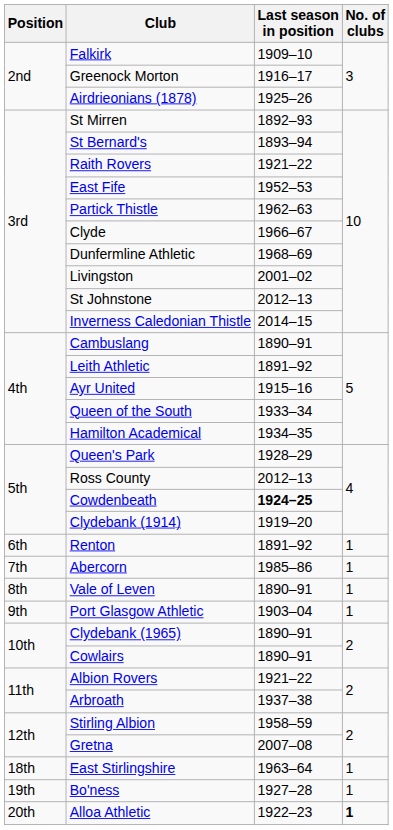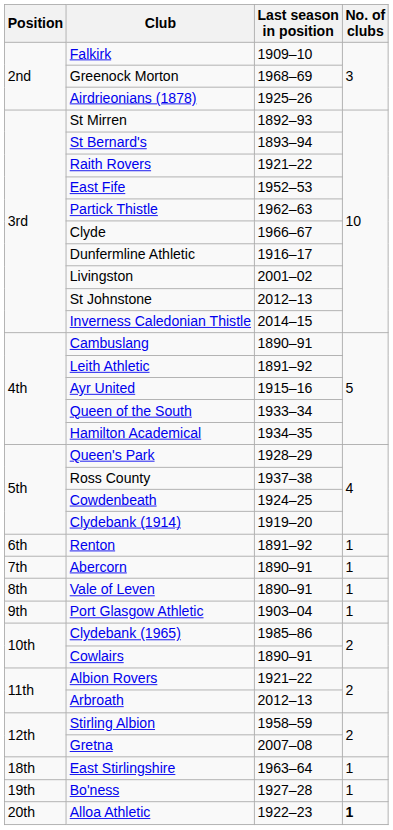 <table class="wikitable">
 <tr>
 <th>Position</th>
 <th>Club</th>
 <th>Last season<br>in position</th>
 <th>No. of<br>clubs</th>
 </tr>
 <tr>
 <td rowspan="3">2nd</td>
 <td><a href='#'>Falkirk</a></td>
 <td>1909–10</td>
 <td rowspan="3">3</td>
 </tr>
 <tr>
 <td>Greenock Morton</td>
-<td>1916–17</td>
+<td>1968–69</td>
 </tr>
 <tr>
 <td><a href='#'>Airdrieonians (1878)</a></td>
 <td>1925–26</td>
 </tr>
 <tr>
 <td rowspan="10">3rd</td>
 <td>St Mirren</td>
 <td>1892–93</td>
 <td rowspan="10">10</td>
 </tr>
 <tr>
 <td><a href='#'>St Bernard's</a></td>
 <td>1893–94</td>
 </tr>
 <tr>
 <td><a href='#'>Raith Rovers</a></td>
 <td>1921–22</td>
 </tr>
 <tr>
 <td><a href='#'>East Fife</a></td>
 <td>1952–53</td>
 </tr>
 <tr>
 <td><a href='#'>Partick Thistle</a></td>
 <td>1962–63</td>
 </tr>
 <tr>
 <td>Clyde</td>
 <td>1966–67</td>
 </tr>
 <tr>
 <td>Dunfermline Athletic</td>
-<td>1968–69</td>
+<td>1916–17</td>
 </tr>
 <tr>
 <td>Livingston</td>
 <td>2001–02</td>
 </tr>
 <tr>
 <td>St Johnstone</td>
 <td>2012–13</td>
 </tr>
 <tr>
 <td><a href='#'>Inverness Caledonian Thistle</a></td>
 <td>2014–15</td>
 </tr>
 <tr>
 <td rowspan="5">4th</td>
 <td><a href='#'>Cambuslang</a></td>
 <td>1890–91</td>
 <td rowspan="5">5</td>
 </tr>
 <tr>
 <td><a href='#'>Leith Athletic</a></td>
 <td>1891–92</td>
 </tr>
 <tr>
 <td><a href='#'>Ayr United</a></td>
 <td>1915–16</td>
 </tr>
 <tr>
 <td><a href='#'>Queen of the South</a></td>
 <td>1933–34</td>
 </tr>
 <tr>
 <td><a href='#'>Hamilton Academical</a></td>
 <td>1934–35</td>
 </tr>
 <tr>
 <td rowspan="4">5th</td>
 <td><a href='#'>Queen's Park</a></td>
 <td>1928–29</td>
 <td rowspan="4">4</td>
 </tr>
 <tr>
 <td>Ross County</td>
-<td>2012–13</td>
+<td>1937–38</td>
 </tr>
 <tr>
 <td><a href='#'>Cowdenbeath</a></td>
-<td><strong>1924–25</strong></td>
+<td>1924–25</td>
 </tr>
 <tr>
 <td><a href='#'>Clydebank (1914)</a></td>
 <td>1919–20</td>
 </tr>
 <tr>
 <td>6th</td>
 <td><a href='#'>Renton</a></td>
 <td>1891–92</td>
 <td>1</td>
 </tr>
 <tr>
 <td>7th</td>
 <td><a href='#'>Abercorn</a></td>
-<td>1985–86</td>
+<td>1890–91</td>
 <td>1</td>
 </tr>
 <tr>
 <td>8th</td>
 <td><a href='#'>Vale of Leven</a></td>
 <td>1890–91</td>
 <td>1</td>
 </tr>
 <tr>
 <td>9th</td>
 <td><a href='#'>Port Glasgow Athletic</a></td>
 <td>1903–04</td>
 <td>1</td>
 </tr>
 <tr>
 <td rowspan="2">10th</td>
 <td><a href='#'>Clydebank (1965)</a></td>
-<td>1890–91</td>
+<td>1985–86</td>
 <td rowspan="2">2</td>
 </tr>
 <tr>
 <td><a href='#'>Cowlairs</a></td>
 <td>1890–91</td>
 </tr>
 <tr>
 <td rowspan="2">11th</td>
 <td><a href='#'>Albion Rovers</a></td>
 <td>1921–22</td>
 <td rowspan="2">2</td>
 </tr>
 <tr>
 <td><a href='#'>Arbroath</a></td>
-<td>1937–38</td>
+<td>2012–13</td>
 </tr>
 <tr>
 <td rowspan="2">12th</td>
 <td><a href='#'>Stirling Albion</a></td>
 <td>1958–59</td>
 <td rowspan="2">2</td>
 </tr>
 <tr>
 <td><a href='#'>Gretna</a></td>
 <td>2007–08</td>
 </tr>
 <tr>
 <td>18th</td>
 <td><a href='#'>East Stirlingshire</a></td>
 <td>1963–64</td>
 <td>1</td>
 </tr>
 <tr>
 <td>19th</td>
 <td><a href='#'>Bo'ness</a></td>
 <td>1927–28</td>
 <td>1</td>
 </tr>
 <tr>
 <td>20th</td>
 <td><a href='#'>Alloa Athletic</a></td>
 <td>1922–23</td>
 <td><strong>1</strong></td>
 </tr>
 </table>
